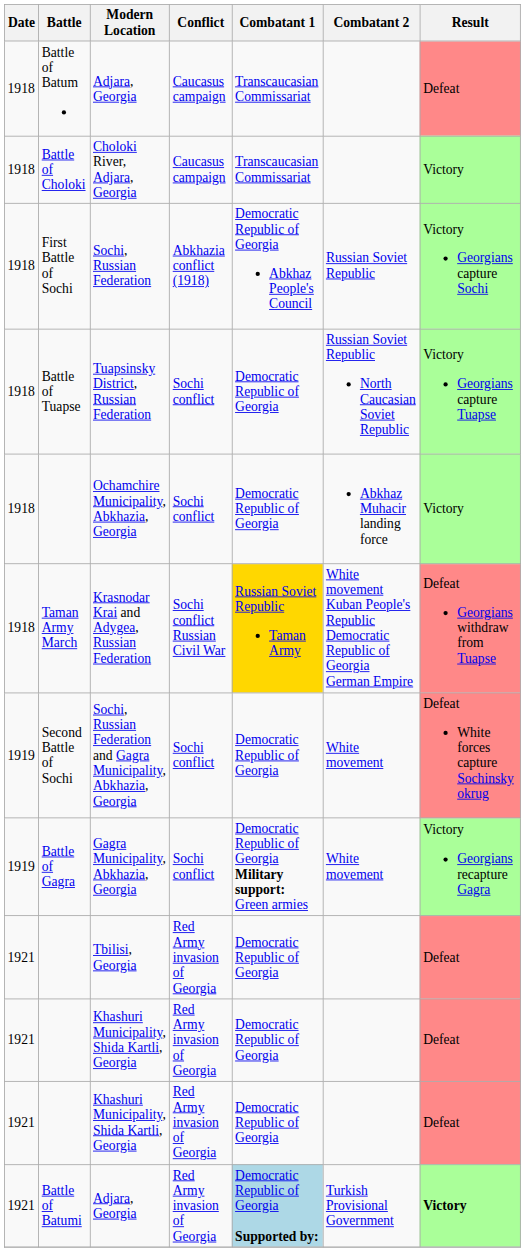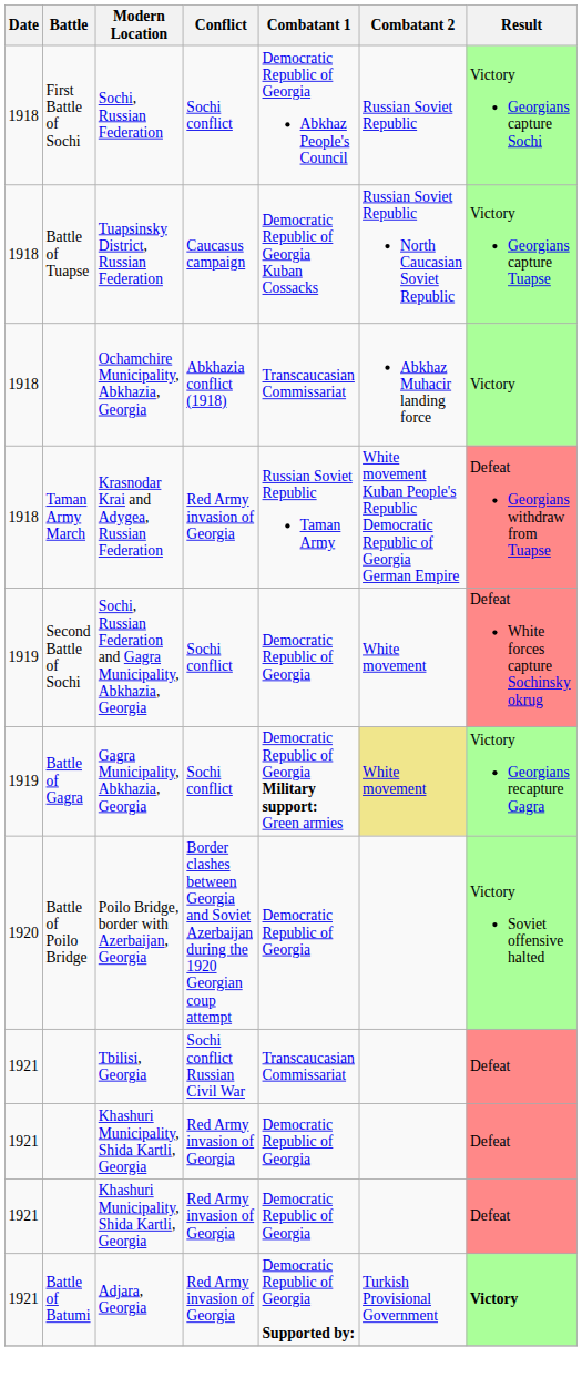 <table class="wikitable" style="text-align: left;">
 <tr>
 <th width="78px">Date</th>
 <th width="131px">Battle</th>
 <th width="131px">Modern Location</th>
 <th width="277px">Conflict</th>
 <th width="180px">Combatant 1</th>
 <th width="180px">Combatant 2</th>
 <th width="330px">Result</th>
 </tr>
 <tr>
 <td>1918</td>
-<td>Battle of Batum<br><ul><li></li></ul></td>
-<td><a href='#'>Adjara</a>, <a href='#'>Georgia</a> </td>
-<td><a href='#'>Caucasus campaign</a></td>
-<td> <a href='#'>Transcaucasian Commissariat</a></td>
-<td></td>
-<td style="background:#F88">Defeat</td>
-</tr>
-<tr>
-<td>1918</td>
-<td><a href='#'>Battle of Choloki</a></td>
-<td><a href='#'>Choloki</a> River, <a href='#'>Adjara</a>, <a href='#'>Georgia</a> </td>
-<td><a href='#'>Caucasus campaign</a></td>
-<td> <a href='#'>Transcaucasian Commissariat</a></td>
-<td></td>
-<td style="background:#AF9">Victory</td>
-</tr>
-<tr>
-<td>1918</td>
 <td>First Battle of Sochi</td>
 <td><a href='#'>Sochi</a>, <a href='#'>Russian Federation</a> </td>
-<td><a href='#'>Abkhazia conflict (1918)</a></td>
+<td><a href='#'>Sochi conflict</a></td>
 <td> <a href='#'>Democratic Republic of Georgia</a><br><ul><li><a href='#'>Abkhaz People's Council</a></li></ul></td>
 <td> <a href='#'>Russian Soviet Republic</a></td>
 <td style="background:#AF9">Victory<br><ul><li><a href='#'>Georgians</a> capture <a href='#'>Sochi</a></li></ul></td>
 </tr>
 <tr>
 <td>1918</td>
 <td>Battle of Tuapse</td>
 <td><a href='#'>Tuapsinsky District</a>, <a href='#'>Russian Federation</a> </td>
-<td><a href='#'>Sochi conflict</a></td>
-<td> <a href='#'>Democratic Republic of Georgia</a></td>
+<td><a href='#'>Caucasus campaign</a></td>
+<td> <a href='#'>Democratic Republic of Georgia</a><br> <a href='#'>Kuban Cossacks</a></td>
 <td> <a href='#'>Russian Soviet Republic</a><br><ul><li> <a href='#'>North Caucasian Soviet Republic</a></li></ul></td>
 <td style="background:#AF9">Victory<br><ul><li><a href='#'>Georgians</a> capture <a href='#'>Tuapse</a></li></ul></td>
 </tr>
 <tr>
 <td>1918</td>
 <td></td>
 <td><a href='#'>Ochamchire Municipality</a>, <a href='#'>Abkhazia</a>, <a href='#'>Georgia</a> </td>
-<td><a href='#'>Sochi conflict</a></td>
-<td> <a href='#'>Democratic Republic of Georgia</a></td>
+<td><a href='#'>Abkhazia conflict (1918)</a></td>
+<td> <a href='#'>Transcaucasian Commissariat</a></td>
 <td><br><ul><li><a href='#'>Abkhaz Muhacir</a> landing force</li></ul></td>
 <td style="background:#AF9">Victory</td>
 </tr>
 <tr>
 <td>1918</td>
 <td><a href='#'>Taman Army March</a></td>
 <td><a href='#'>Krasnodar Krai</a> and <a href='#'>Adygea</a>, <a href='#'>Russian Federation</a> </td>
-<td><a href='#'>Sochi conflict</a><br><a href='#'>Russian Civil War</a></td>
-<td style="background: gold;"> <a href='#'>Russian Soviet Republic</a><br><ul><li><a href='#'>Taman Army</a></li></ul></td>
+<td><a href='#'>Red Army invasion of Georgia</a></td>
+<td> <a href='#'>Russian Soviet Republic</a><br><ul><li><a href='#'>Taman Army</a></li></ul></td>
 <td> <a href='#'>White movement</a><br> <a href='#'>Kuban People's Republic</a><br> <a href='#'>Democratic Republic of Georgia</a><br> <a href='#'>German Empire</a></td>
 <td style="background:#F88">Defeat<br><ul><li><a href='#'>Georgians</a> withdraw from <a href='#'>Tuapse</a></li></ul></td>
 </tr>
 <tr>
 <td>1919</td>
 <td>Second Battle of Sochi</td>
 <td><a href='#'>Sochi</a>, <a href='#'>Russian Federation</a>  and <a href='#'>Gagra Municipality</a>, <a href='#'>Abkhazia</a>, <a href='#'>Georgia</a> </td>
 <td><a href='#'>Sochi conflict</a></td>
 <td> <a href='#'>Democratic Republic of Georgia</a></td>
 <td> <a href='#'>White movement</a></td>
 <td style="background:#F88">Defeat<br><ul><li>White forces capture <a href='#'>Sochinsky okrug</a></li></ul></td>
 </tr>
 <tr>
 <td>1919</td>
 <td><a href='#'>Battle of Gagra</a></td>
 <td><a href='#'>Gagra Municipality</a>, <a href='#'>Abkhazia</a>, <a href='#'>Georgia</a> </td>
 <td><a href='#'>Sochi conflict</a></td>
 <td> <a href='#'>Democratic Republic of Georgia</a><br><strong>Military support:</strong><br>  <a href='#'>Green armies</a><br></td>
-<td> <a href='#'>White movement</a></td>
+<td style="background: khaki;"> <a href='#'>White movement</a></td>
 <td style="background:#AF9">Victory<br><ul><li><a href='#'>Georgians</a> recapture <a href='#'>Gagra</a></li></ul></td>
+</tr>
+<tr>
+<td>1920</td>
+<td>Battle of Poilo Bridge</td>
+<td>Poilo Bridge, border with <a href='#'>Azerbaijan</a>, <a href='#'>Georgia</a> </td>
+<td><a href='#'>Border clashes between Georgia and Soviet Azerbaijan during the 1920 Georgian coup attempt</a></td>
+<td> <a href='#'>Democratic Republic of Georgia</a></td>
+<td><br></td>
+<td style="background:#AF9">Victory<br><ul><li>Soviet offensive halted</li></ul></td>
 </tr>
 <tr>
 <td>1921</td>
 <td></td>
 <td><a href='#'>Tbilisi</a>, <a href='#'>Georgia</a> </td>
-<td><a href='#'>Red Army invasion of Georgia</a></td>
-<td> <a href='#'>Democratic Republic of Georgia</a></td>
+<td><a href='#'>Sochi conflict</a><br><a href='#'>Russian Civil War</a></td>
+<td> <a href='#'>Transcaucasian Commissariat</a></td>
 <td></td>
 <td style="background:#F88">Defeat</td>
 </tr>
 <tr>
 <td>1921</td>
 <td></td>
 <td><a href='#'>Khashuri Municipality</a>, <a href='#'>Shida Kartli</a>, <a href='#'>Georgia</a> </td>
 <td><a href='#'>Red Army invasion of Georgia</a></td>
 <td> <a href='#'>Democratic Republic of Georgia</a></td>
 <td><br></td>
 <td style="background:#F88">Defeat</td>
 </tr>
 <tr>
 <td>1921</td>
 <td></td>
 <td><a href='#'>Khashuri Municipality</a>, <a href='#'>Shida Kartli</a>, <a href='#'>Georgia</a> </td>
 <td><a href='#'>Red Army invasion of Georgia</a></td>
 <td> <a href='#'>Democratic Republic of Georgia</a></td>
 <td><br></td>
 <td style="background:#F88">Defeat</td>
 </tr>
 <tr>
 <td>1921</td>
 <td><a href='#'>Battle of Batumi</a></td>
 <td><a href='#'>Adjara</a>, <a href='#'>Georgia</a> </td>
 <td><a href='#'>Red Army invasion of Georgia</a></td>
-<td style="background: lightblue;"> <a href='#'>Democratic Republic of Georgia</a><br><br><strong>Supported by:</strong><br> </td>
+<td> <a href='#'>Democratic Republic of Georgia</a><br><br><strong>Supported by:</strong><br> </td>
 <td> <a href='#'>Turkish Provisional Government</a></td>
 <td style="background:#AF9"><strong>Victory</strong></td>
 </tr>
 <tr>
 </tr>
 </table>
